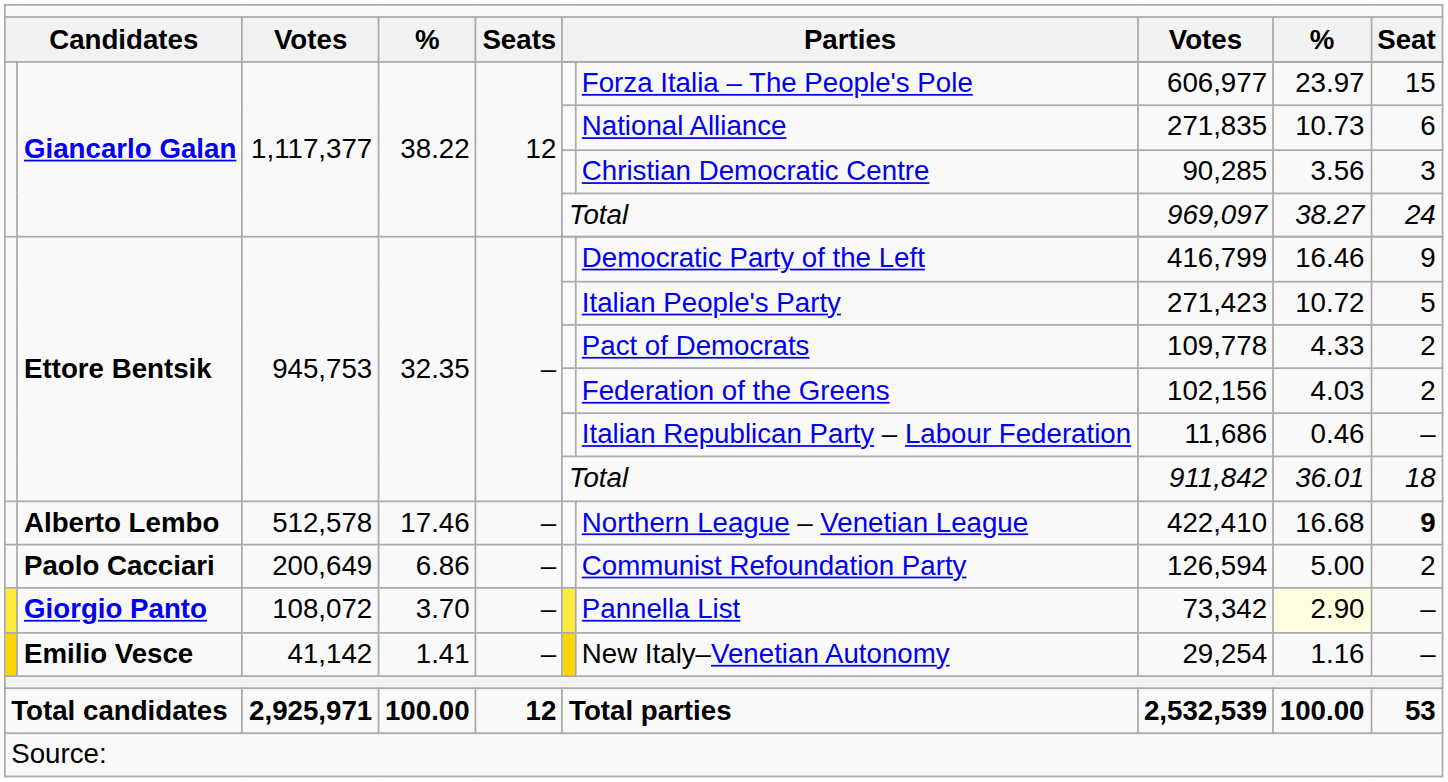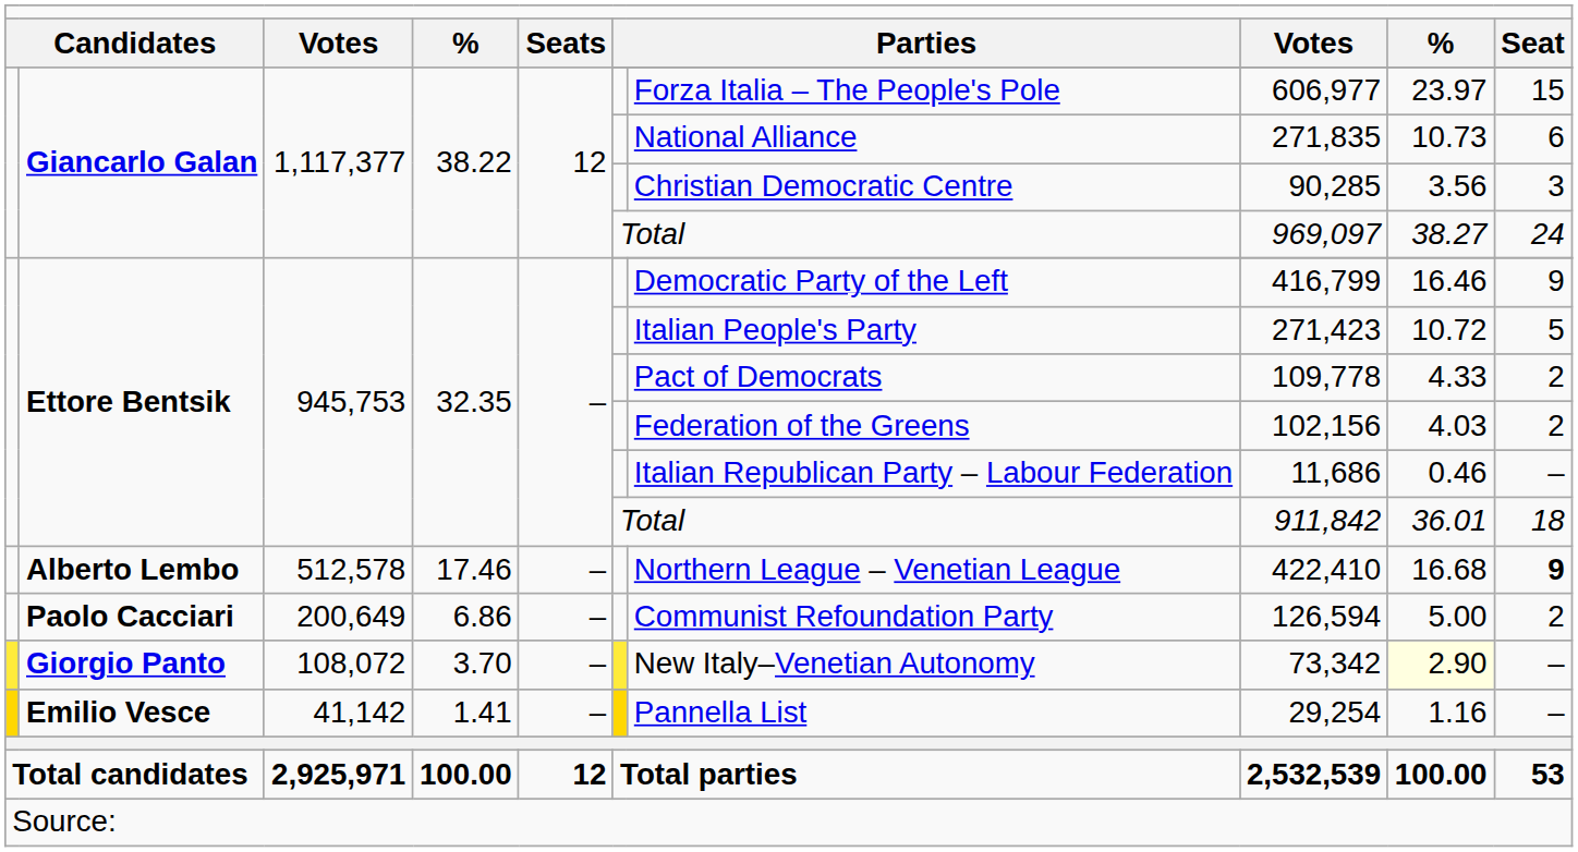 <table class="wikitable">
 <tr>
 <td colspan=10></td>
 </tr>
 <tr>
 <th colspan=2>Candidates</th>
 <th>Votes</th>
 <th>%</th>
 <th>Seats</th>
 <th colspan=2>Parties</th>
 <th>Votes</th>
 <th>%</th>
 <th>Seat</th>
 </tr>
 <tr>
 <td rowspan="5"></td>
 <td rowspan="5"><strong><a href='#'>Giancarlo Galan</a></strong></td>
 <td rowspan="5" align=right>1,117,377</td>
 <td rowspan="5" align=right>38.22</td>
 <td rowspan="5" align=right>12</td>
 </tr>
 <tr>
 <td></td>
 <td align=left><a href='#'>Forza Italia – The People's Pole</a></td>
 <td align=right>606,977</td>
 <td align=right>23.97</td>
 <td align=right>15</td>
 </tr>
 <tr>
 <td></td>
 <td align=left><a href='#'>National Alliance</a></td>
 <td align=right>271,835</td>
 <td align=right>10.73</td>
 <td align=right>6</td>
 </tr>
 <tr>
 <td></td>
 <td align="left"><a href='#'>Christian Democratic Centre</a></td>
 <td align=right>90,285</td>
 <td align=right>3.56</td>
 <td align=right>3</td>
 </tr>
 <tr>
 <td colspan=2><em>Total</em></td>
 <td align=right><em>969,097</em></td>
 <td align=right><em>38.27</em></td>
 <td align=right><em>24</em></td>
 </tr>
 <tr>
 <td rowspan="7"></td>
 <td rowspan="7"><strong>Ettore Bentsik</strong></td>
 <td rowspan="7" align=right>945,753</td>
 <td rowspan="7" align=right>32.35</td>
 <td rowspan="7" align=right>–</td>
 </tr>
 <tr>
 <td></td>
 <td align="left"><a href='#'>Democratic Party of the Left</a></td>
 <td align=right>416,799</td>
 <td align=right>16.46</td>
 <td align=right>9</td>
 </tr>
 <tr>
 <td></td>
 <td align="left"><a href='#'>Italian People's Party</a></td>
 <td align=right>271,423</td>
 <td align=right>10.72</td>
 <td align=right>5</td>
 </tr>
 <tr>
 <td></td>
 <td align="left"><a href='#'>Pact of Democrats</a></td>
 <td align=right>109,778</td>
 <td align=right>4.33</td>
 <td align=right>2</td>
 </tr>
 <tr>
 <td></td>
 <td align="left"><a href='#'>Federation of the Greens</a></td>
 <td align=right>102,156</td>
 <td align=right>4.03</td>
 <td align=right>2</td>
 </tr>
 <tr>
 <td></td>
 <td align="left"><a href='#'>Italian Republican Party</a> – <a href='#'>Labour Federation</a></td>
 <td align=right>11,686</td>
 <td align=right>0.46</td>
 <td align=right>–</td>
 </tr>
 <tr>
 <td colspan=2><em>Total</em></td>
 <td align=right><em>911,842</em></td>
 <td align=right><em>36.01</em></td>
 <td align=right><em>18</em></td>
 </tr>
 <tr>
 <td></td>
 <td><strong>Alberto Lembo</strong></td>
 <td align=right>512,578</td>
 <td align=right>17.46</td>
 <td align=right>–</td>
 <td></td>
 <td align="left"><a href='#'>Northern League</a> – <a href='#'>Venetian League</a></td>
 <td align=right>422,410</td>
 <td align=right>16.68</td>
 <td align=right><strong>9</strong></td>
 </tr>
 <tr>
 <td></td>
 <td><strong>Paolo Cacciari</strong></td>
 <td align=right>200,649</td>
 <td align=right>6.86</td>
 <td align=right>–</td>
 <td></td>
 <td align="left"><a href='#'>Communist Refoundation Party</a></td>
 <td align=right>126,594</td>
 <td align=right>5.00</td>
 <td align=right>2</td>
 </tr>
 <tr>
 <td bgcolor="#FFEB3B"></td>
 <td><strong><a href='#'>Giorgio Panto</a></strong></td>
 <td align=right>108,072</td>
 <td align=right>3.70</td>
 <td align=right>–</td>
 <td bgcolor="#FFEB3B"></td>
-<td align="left"><a href='#'>Pannella List</a></td>
+<td align="left">New Italy–<a href='#'>Venetian Autonomy</a></td>
 <td align=right>73,342</td>
 <td align=right style="background: lightyellow;">2.90</td>
 <td align=right>–</td>
 </tr>
 <tr>
 <td bgcolor="gold"></td>
 <td><strong>Emilio Vesce</strong></td>
 <td align=right>41,142</td>
 <td align=right>1.41</td>
 <td align=right>–</td>
 <td bgcolor="gold"></td>
-<td align="left">New Italy–<a href='#'>Venetian Autonomy</a></td>
+<td align="left"><a href='#'>Pannella List</a></td>
 <td align=right>29,254</td>
 <td align=right>1.16</td>
 <td align=right>–</td>
 </tr>
 <tr>
 <th colspan=10></th>
 </tr>
 <tr>
 <td colspan=2><strong>Total candidates</strong></td>
 <td align=right><strong>2,925,971</strong></td>
 <td align=right><strong>100.00</strong></td>
 <td align=right><strong>12</strong></td>
 <td colspan=2><strong>Total parties</strong></td>
 <td align=right><strong>2,532,539</strong></td>
 <td align=right><strong>100.00</strong></td>
 <td align=right><strong>53</strong></td>
 </tr>
 <tr>
 <td colspan=10>Source: </td>
 </tr>
 </table>
